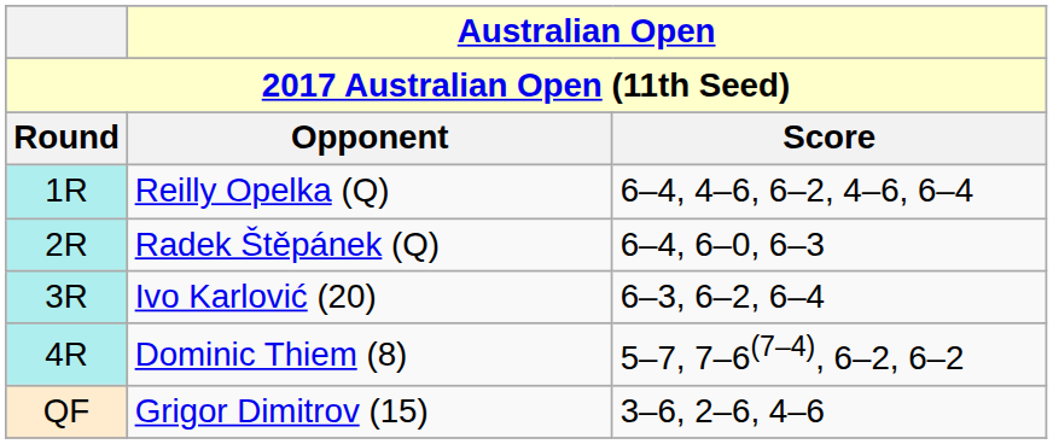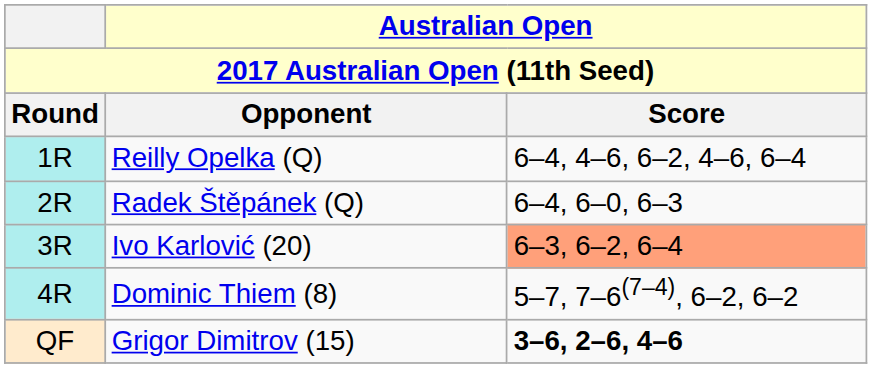 <table class="wikitable collapsible collapsed">
 <tr>
 <th></th>
 <th colspan=2 style="background:#ffc;"><a href='#'>Australian Open</a></th>
 </tr>
 <tr>
 <th colspan=3 style="background:#ffc;"><a href='#'>2017 Australian Open</a> (11th Seed)</th>
 </tr>
 <tr>
 <th>Round</th>
 <th width=225>Opponent</th>
 <th width=200>Score</th>
 </tr>
 <tr>
 <td style="text-align:center; background:#afeeee;">1R</td>
 <td> <a href='#'>Reilly Opelka</a> (Q)</td>
 <td>6–4, 4–6, 6–2, 4–6, 6–4</td>
 </tr>
 <tr>
 <td style="text-align:center; background:#afeeee;">2R</td>
 <td> <a href='#'>Radek Štěpánek</a> (Q)</td>
 <td>6–4, 6–0, 6–3</td>
 </tr>
 <tr>
 <td style="text-align:center; background:#afeeee;">3R</td>
 <td> <a href='#'>Ivo Karlović</a> (20)</td>
-<td>6–3, 6–2, 6–4</td>
+<td style="background: lightsalmon;">6–3, 6–2, 6–4</td>
 </tr>
 <tr>
 <td style="text-align:center; background:#afeeee;">4R</td>
 <td> <a href='#'>Dominic Thiem</a> (8)</td>
 <td>5–7, 7–6<sup>(7–4)</sup>, 6–2, 6–2</td>
 </tr>
 <tr>
 <td style="text-align:center; background:#ffebcd;">QF</td>
 <td> <a href='#'>Grigor Dimitrov</a> (15)</td>
-<td>3–6, 2–6, 4–6</td>
+<td><strong>3–6, 2–6, 4–6</strong></td>
 </tr>
 </table>
